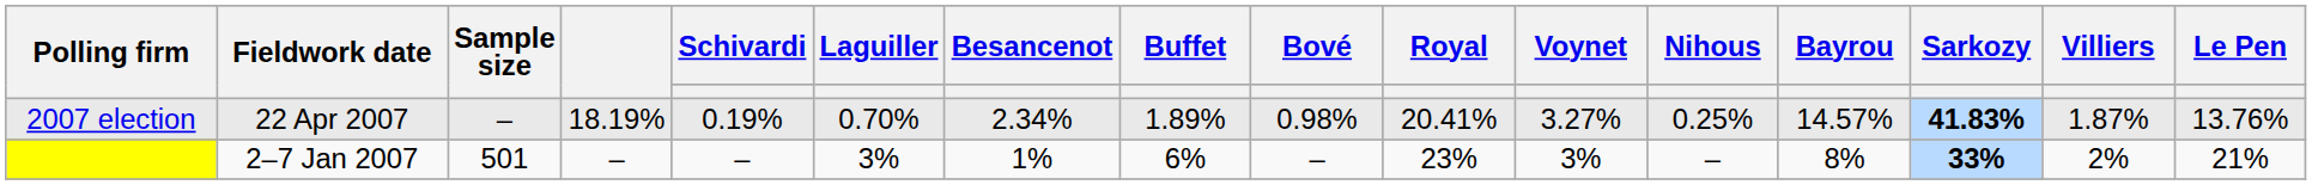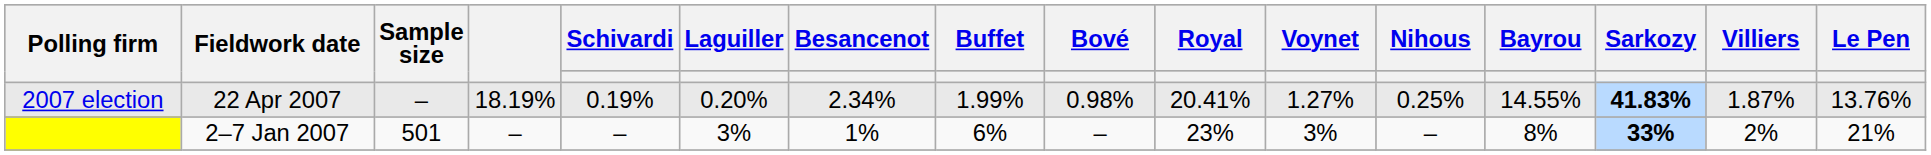 <table class="wikitable sortable" style="text-align:center;font-size:90%;line-height:14px;">
 <tr style="height:40px;">
 <th style="width:100px;" rowspan="2">Polling firm</th>
 <th style="width:110px;" rowspan="2">Fieldwork date</th>
 <th style="width:35px;" rowspan="2">Sample<br>size</th>
 <th style="width:30px;" rowspan="2"></th>
 <th class="unsortable" style="width:60px;"><a href='#'>Schivardi</a><br></th>
 <th class="unsortable" style="width:60px;"><a href='#'>Laguiller</a><br></th>
 <th class="unsortable" style="width:60px;"><a href='#'>Besancenot</a><br></th>
 <th class="unsortable" style="width:60px;"><a href='#'>Buffet</a><br></th>
 <th class="unsortable" style="width:60px;"><a href='#'>Bové</a><br></th>
 <th class="unsortable" style="width:60px;"><a href='#'>Royal</a><br></th>
 <th class="unsortable" style="width:60px;"><a href='#'>Voynet</a><br></th>
 <th class="unsortable" style="width:60px;"><a href='#'>Nihous</a><br></th>
 <th class="unsortable" style="width:60px;"><a href='#'>Bayrou</a><br></th>
 <th class="unsortable" style="width:60px;"><a href='#'>Sarkozy</a><br></th>
 <th class="unsortable" style="width:60px;"><a href='#'>Villiers</a><br></th>
 <th class="unsortable" style="width:60px;"><a href='#'>Le Pen</a><br></th>
 </tr>
 <tr>
 <th style="background:"></th>
 <th style="background:"></th>
 <th style="background:"></th>
 <th style="background:"></th>
 <th style="background:"></th>
 <th style="background:"></th>
 <th style="background:"></th>
 <th style="background:"></th>
 <th style="background:"></th>
 <th style="background:"></th>
 <th style="background:"></th>
 <th style="background:"></th>
 </tr>
 <tr style="background:#E9E9E9;">
 <td><a href='#'>2007 election</a></td>
 <td data-sort-value="2007-04-22">22 Apr 2007</td>
 <td>–</td>
 <td>18.19%</td>
 <td>0.19%</td>
-<td>0.70%</td>
+<td>0.20%</td>
 <td>2.34%</td>
-<td>1.89%</td>
+<td>1.99%</td>
 <td>0.98%</td>
 <td>20.41%</td>
-<td>3.27%</td>
+<td>1.27%</td>
 <td>0.25%</td>
-<td>14.57%</td>
+<td>14.55%</td>
 <td style="background:#B9DAFF;"><strong>41.83%</strong></td>
 <td>1.87%</td>
 <td>13.76%</td>
 </tr>
 <tr>
 <td style="background:yellow;"></td>
 <td data-sort-value="2007-01-07">2–7 Jan 2007</td>
 <td>501</td>
 <td>–</td>
 <td>–</td>
 <td>3%</td>
 <td>1%</td>
 <td>6%</td>
 <td>–</td>
 <td>23%</td>
 <td>3%</td>
 <td>–</td>
 <td>8%</td>
 <td style="background:#B9DAFF;"><strong>33%</strong></td>
 <td>2%</td>
 <td>21%</td>
 </tr>
 </table>
